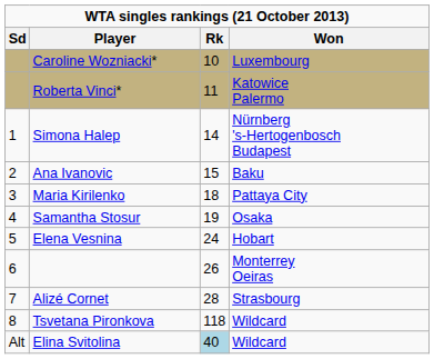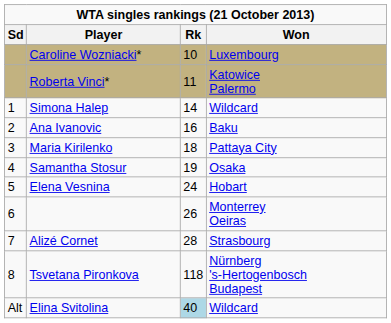 <table class="wikitable" style="float:right;margin-left:1em;font-size:90%;text:justify;">
 <tr align="center">
 <td colspan=4><strong> WTA singles rankings (21 October 2013)</strong></td>
 </tr>
 <tr>
 <th width=15>Sd</th>
 <th width=170>Player</th>
 <th width=20>Rk</th>
 <th width=200>Won</th>
 </tr>
 <tr bgcolor=#C2B280>
 <td> </td>
 <td> <a href='#'>Caroline Wozniacki</a>*</td>
 <td>10</td>
 <td> <a href='#'>Luxembourg</a></td>
 </tr>
 <tr bgcolor=#C2B280>
 <td> </td>
 <td> <a href='#'>Roberta Vinci</a>*</td>
 <td>11</td>
 <td> <a href='#'>Katowice</a> <br>  <a href='#'>Palermo</a></td>
 </tr>
 <tr>
 <td>1</td>
 <td> <a href='#'>Simona Halep</a></td>
 <td>14</td>
-<td> <a href='#'>Nürnberg</a> <br>  <a href='#'>'s-Hertogenbosch</a> <br>  <a href='#'>Budapest</a></td>
+<td><a href='#'>Wildcard</a></td>
 </tr>
 <tr>
 <td>2</td>
 <td> <a href='#'>Ana Ivanovic</a></td>
-<td>15</td>
+<td>16</td>
 <td> <a href='#'>Baku</a></td>
 </tr>
 <tr>
 <td>3</td>
 <td> <a href='#'>Maria Kirilenko</a></td>
 <td>18</td>
 <td> <a href='#'>Pattaya City</a></td>
 </tr>
 <tr>
 <td>4</td>
 <td> <a href='#'>Samantha Stosur</a></td>
 <td>19</td>
 <td> <a href='#'>Osaka</a></td>
 </tr>
 <tr>
 <td>5</td>
 <td> <a href='#'>Elena Vesnina</a></td>
 <td>24</td>
 <td> <a href='#'>Hobart</a></td>
 </tr>
 <tr>
 <td>6</td>
 <td></td>
 <td>26</td>
 <td> <a href='#'>Monterrey</a> <br>  <a href='#'>Oeiras</a></td>
 </tr>
 <tr>
 <td>7</td>
 <td> <a href='#'>Alizé Cornet</a></td>
 <td>28</td>
 <td> <a href='#'>Strasbourg</a></td>
 </tr>
 <tr>
 <td>8</td>
 <td> <a href='#'>Tsvetana Pironkova</a></td>
 <td>118</td>
-<td><a href='#'>Wildcard</a></td>
+<td> <a href='#'>Nürnberg</a> <br>  <a href='#'>'s-Hertogenbosch</a> <br>  <a href='#'>Budapest</a></td>
 </tr>
 <tr>
 <td>Alt</td>
 <td> <a href='#'>Elina Svitolina</a></td>
 <td style="background: lightblue;">40</td>
 <td><a href='#'>Wildcard</a></td>
 </tr>
 </table>
